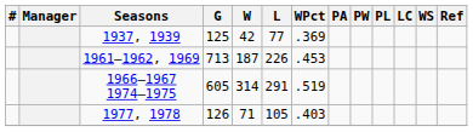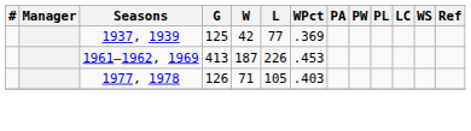 <table class="wikitable sortable plainrowheaders" style="text-align:center">
 <tr>
 <th scope="col">#</th>
 <th scope="col">Manager</th>
 <th scope="col">Seasons</th>
 <th scope="col">G</th>
 <th scope="col">W</th>
 <th scope="col">L</th>
 <th scope="col">WPct</th>
 <th scope="col" class="unsortable">PA</th>
 <th scope="col" class="unsortable">PW</th>
 <th scope="col" class="unsortable">PL</th>
 <th scope="col" class="unsortable">LC</th>
 <th scope="col" class="unsortable">WS</th>
 <th scope="col" class="unsortable">Ref</th>
 </tr>
 <tr>
 <td align="center"></td>
 <th scope="row" style="text-align: center;"></th>
 <td><a href='#'>1937</a>, <a href='#'>1939</a></td>
 <td>125</td>
 <td>42</td>
 <td>77</td>
 <td>.369</td>
 <td></td>
 <td></td>
 <td></td>
 <td></td>
 <td></td>
 <td></td>
 </tr>
 <tr>
 <td align="center"></td>
 <th scope="row" style="text-align: center;"></th>
 <td><a href='#'>1961</a>–<a href='#'>1962</a>, <a href='#'>1969</a></td>
-<td>713</td>
+<td>413</td>
 <td>187</td>
 <td>226</td>
 <td>.453</td>
-<td></td>
-<td></td>
-<td></td>
-<td></td>
-<td></td>
-<td></td>
-</tr>
-<tr>
-<td align="center"></td>
-<th scope="row" style="text-align: center;"></th>
-<td><a href='#'>1966</a>–<a href='#'>1967</a><br><a href='#'>1974</a>–<a href='#'>1975</a></td>
-<td>605</td>
-<td>314</td>
-<td>291</td>
-<td>.519</td>
 <td></td>
 <td></td>
 <td></td>
 <td></td>
 <td></td>
 <td></td>
 </tr>
 <tr>
 <td align="center"></td>
 <th scope="row" style="text-align: center;"></th>
 <td><a href='#'>1977</a>, <a href='#'>1978</a></td>
 <td>126</td>
 <td>71</td>
 <td>105</td>
 <td>.403</td>
 <td></td>
 <td></td>
 <td></td>
 <td></td>
 <td></td>
 <td></td>
 </tr>
 <tr>
 </tr>
 </table>
